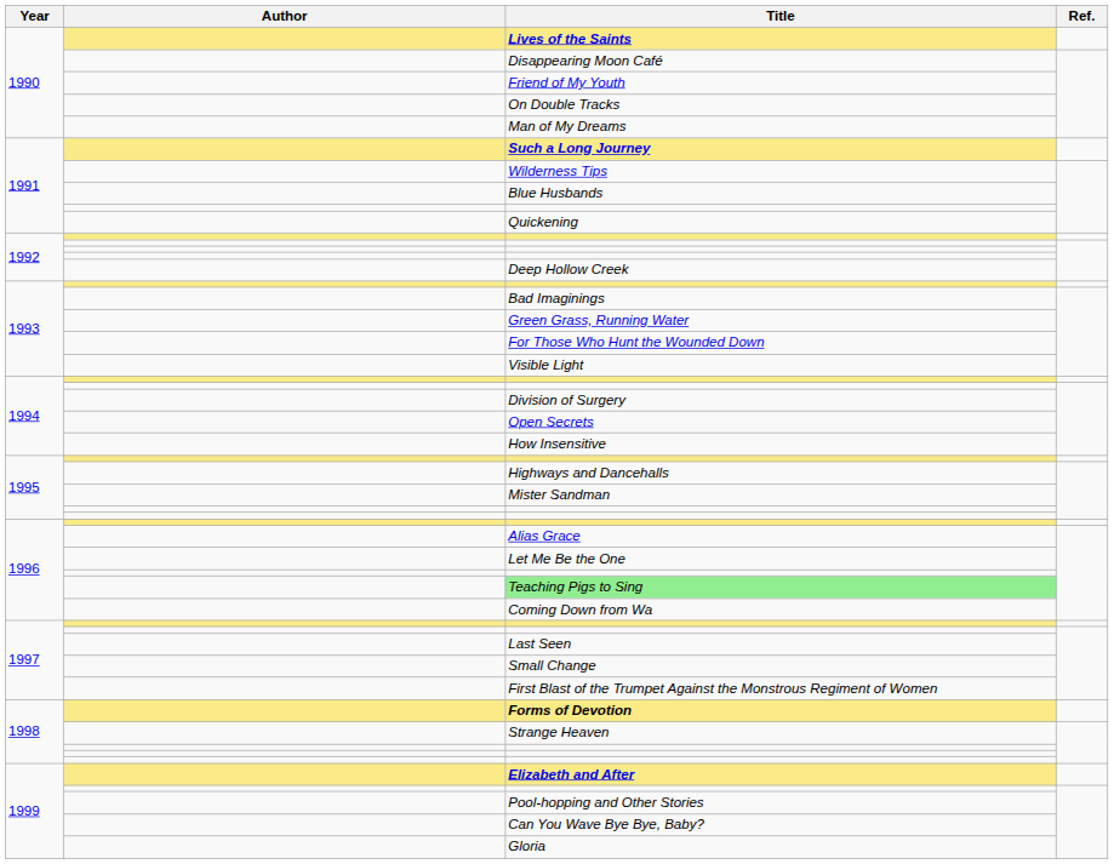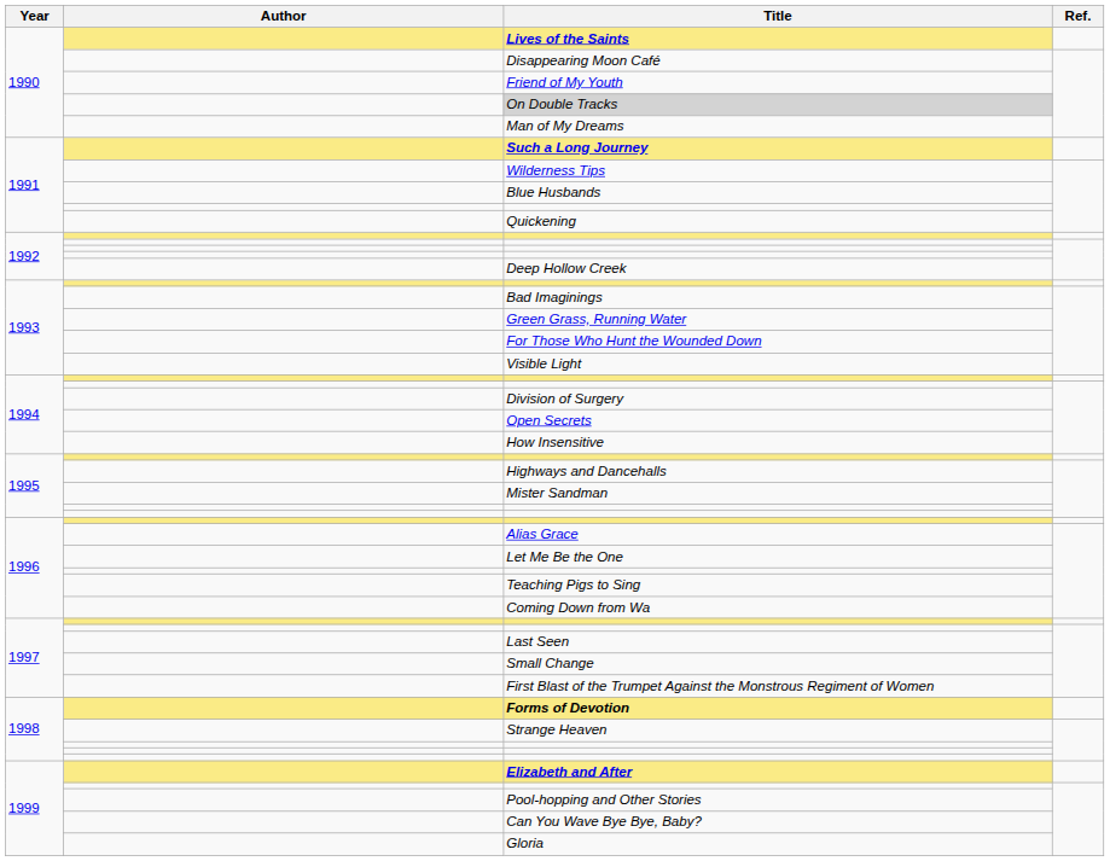 <table class="wikitable sortable mw-collapsible" width="100%">
 <tr>
 <th>Year</th>
 <th width="40%">Author</th>
 <th width="50%">Title</th>
 <th>Ref.</th>
 </tr>
 <tr>
 <td rowspan="5"><a href='#'>1990</a></td>
 <td style="background:#FAEB86"><strong></strong></td>
 <td style="background:#FAEB86"><strong><em><a href='#'>Lives of the Saints</a></em></strong></td>
 <td></td>
 </tr>
 <tr>
 <td></td>
 <td><em>Disappearing Moon Café</em></td>
 <td rowspan=4></td>
 </tr>
 <tr>
 <td></td>
 <td><em><a href='#'>Friend of My Youth</a></em></td>
 </tr>
 <tr>
 <td></td>
-<td><em>On Double Tracks</em></td>
+<td style="background: lightgrey;"><em>On Double Tracks</em></td>
 </tr>
 <tr>
 <td></td>
 <td><em>Man of My Dreams</em></td>
 </tr>
 <tr>
 <td rowspan="5"><a href='#'>1991</a></td>
 <td style="background:#FAEB86"><strong></strong></td>
 <td style="background:#FAEB86"><strong><em><a href='#'>Such a Long Journey</a></em></strong></td>
 <td></td>
 </tr>
 <tr>
 <td></td>
 <td><em><a href='#'>Wilderness Tips</a></em></td>
 <td rowspan=4></td>
 </tr>
 <tr>
 <td></td>
 <td><em>Blue Husbands</em></td>
 </tr>
 <tr>
 <td></td>
 <td><em></em></td>
 </tr>
 <tr>
 <td></td>
 <td><em>Quickening</em></td>
 </tr>
 <tr>
 <td rowspan="5"><a href='#'>1992</a></td>
 <td style="background:#FAEB86"><strong></strong></td>
 <td style="background:#FAEB86"><strong><em></em></strong></td>
 <td></td>
 </tr>
 <tr>
 <td></td>
 <td><em></em></td>
 <td rowspan=4></td>
 </tr>
 <tr>
 <td></td>
 <td><em></em></td>
 </tr>
 <tr>
 <td></td>
 <td><em></em></td>
 </tr>
 <tr>
 <td></td>
 <td><em>Deep Hollow Creek</em></td>
 </tr>
 <tr>
 <td rowspan="5"><a href='#'>1993</a></td>
 <td style="background:#FAEB86"><strong> </strong></td>
 <td style="background:#FAEB86"><strong><em></em></strong></td>
 <td></td>
 </tr>
 <tr>
 <td></td>
 <td><em>Bad Imaginings</em></td>
 <td rowspan=4></td>
 </tr>
 <tr>
 <td></td>
 <td><em><a href='#'>Green Grass, Running Water</a></em></td>
 </tr>
 <tr>
 <td></td>
 <td><em><a href='#'>For Those Who Hunt the Wounded Down</a></em></td>
 </tr>
 <tr>
 <td></td>
 <td><em>Visible Light</em></td>
 </tr>
 <tr>
 <td rowspan="5"><a href='#'>1994</a></td>
 <td style="background:#FAEB86"><strong></strong></td>
 <td style="background:#FAEB86"><strong><em></em></strong></td>
 <td></td>
 </tr>
 <tr>
 <td></td>
 <td><em></em></td>
 <td rowspan=4></td>
 </tr>
 <tr>
 <td></td>
 <td><em>Division of Surgery</em></td>
 </tr>
 <tr>
 <td></td>
 <td><em><a href='#'>Open Secrets</a></em></td>
 </tr>
 <tr>
 <td></td>
 <td><em>How Insensitive</em></td>
 </tr>
 <tr>
 <td rowspan="5"><a href='#'>1995</a></td>
 <td style="background:#FAEB86"><strong></strong></td>
 <td style="background:#FAEB86"><strong><em></em></strong></td>
 <td></td>
 </tr>
 <tr>
 <td></td>
 <td><em>Highways and Dancehalls</em></td>
 <td rowspan=4></td>
 </tr>
 <tr>
 <td></td>
 <td><em>Mister Sandman</em></td>
 </tr>
 <tr>
 <td></td>
 <td><em></em></td>
 </tr>
 <tr>
 <td></td>
 <td><em></em></td>
 </tr>
 <tr>
 <td rowspan="6"><a href='#'>1996</a></td>
 <td style="background:#FAEB86"><strong></strong></td>
 <td style="background:#FAEB86"><strong><em></em></strong></td>
 <td></td>
 </tr>
 <tr>
 <td></td>
 <td><em><a href='#'>Alias Grace</a></em></td>
 <td rowspan=5></td>
 </tr>
 <tr>
 <td></td>
 <td><em>Let Me Be the One</em></td>
 </tr>
 <tr>
 <td></td>
 <td><em></em></td>
 </tr>
 <tr>
 <td></td>
-<td style="background: lightgreen;"><em>Teaching Pigs to Sing</em></td>
+<td><em>Teaching Pigs to Sing</em></td>
 </tr>
 <tr>
 <td></td>
 <td><em>Coming Down from Wa</em></td>
 </tr>
 <tr>
 <td rowspan="5"><a href='#'>1997</a></td>
 <td style="background:#FAEB86"><strong></strong></td>
 <td style="background:#FAEB86"><strong><em></em></strong></td>
 <td></td>
 </tr>
 <tr>
 <td></td>
 <td><em></em></td>
 <td rowspan=4></td>
 </tr>
 <tr>
 <td></td>
 <td><em>Last Seen</em></td>
 </tr>
 <tr>
 <td></td>
 <td><em>Small Change</em></td>
 </tr>
 <tr>
 <td></td>
 <td><em>First Blast of the Trumpet Against the Monstrous Regiment of Women</em></td>
 </tr>
 <tr>
 <td rowspan="5"><a href='#'>1998</a></td>
 <td style="background:#FAEB86"><strong></strong></td>
 <td style="background:#FAEB86"><strong><em>Forms of Devotion</em></strong></td>
 <td></td>
 </tr>
 <tr>
 <td></td>
 <td><em>Strange Heaven</em></td>
 <td rowspan=4></td>
 </tr>
 <tr>
 <td></td>
 <td><em></em></td>
 </tr>
 <tr>
 <td></td>
 <td><em></em></td>
 </tr>
 <tr>
 <td></td>
 <td><em></em></td>
 </tr>
 <tr>
 <td rowspan="5"><a href='#'>1999</a></td>
 <td style="background:#FAEB86"><strong></strong></td>
 <td style="background:#FAEB86"><strong><em><a href='#'>Elizabeth and After</a></em></strong></td>
 <td></td>
 </tr>
 <tr>
 <td></td>
 <td><em></em></td>
 <td rowspan=4></td>
 </tr>
 <tr>
 <td></td>
 <td><em>Pool-hopping and Other Stories</em></td>
 </tr>
 <tr>
 <td></td>
 <td><em>Can You Wave Bye Bye, Baby?</em></td>
 </tr>
 <tr>
 <td></td>
 <td><em>Gloria</em></td>
 </tr>
 </table>
